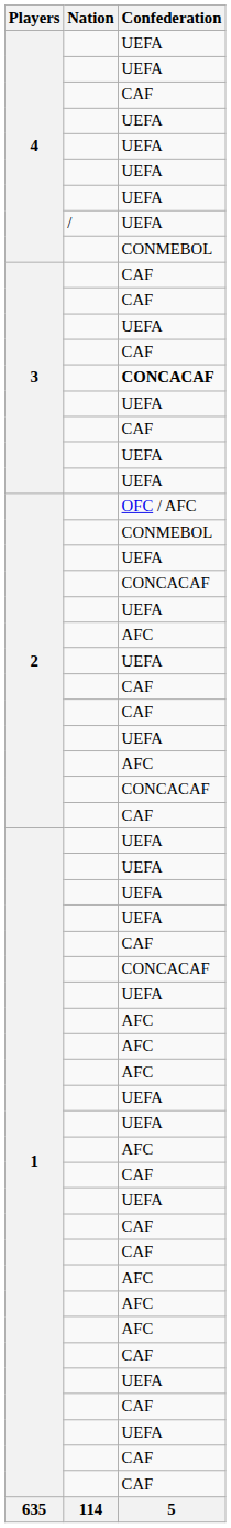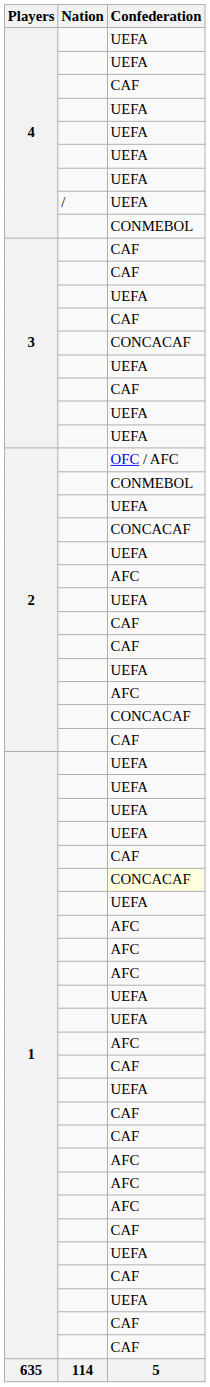 <table class="wikitable sortable sticky-header">
 <tr>
 <th>Players</th>
 <th>Nation</th>
 <th>Confederation</th>
 </tr>
 <tr>
 <th rowspan="9">4</th>
 <td></td>
 <td>UEFA</td>
 </tr>
 <tr>
 <td></td>
 <td>UEFA</td>
 </tr>
 <tr>
 <td></td>
 <td>CAF</td>
 </tr>
 <tr>
 <td></td>
 <td>UEFA</td>
 </tr>
 <tr>
 <td></td>
 <td>UEFA</td>
 </tr>
 <tr>
 <td></td>
 <td>UEFA</td>
 </tr>
 <tr>
 <td></td>
 <td>UEFA</td>
 </tr>
 <tr>
 <td> / </td>
 <td>UEFA</td>
 </tr>
 <tr>
 <td></td>
 <td>CONMEBOL</td>
 </tr>
 <tr>
 <th rowspan="9">3</th>
 <td></td>
 <td>CAF</td>
 </tr>
 <tr>
 <td></td>
 <td>CAF</td>
 </tr>
 <tr>
 <td></td>
 <td>UEFA</td>
 </tr>
 <tr>
 <td></td>
 <td>CAF</td>
 </tr>
 <tr>
 <td></td>
-<td><strong>CONCACAF</strong></td>
+<td>CONCACAF</td>
 </tr>
 <tr>
 <td></td>
 <td>UEFA</td>
 </tr>
 <tr>
 <td></td>
 <td>CAF</td>
 </tr>
 <tr>
 <td></td>
 <td>UEFA</td>
 </tr>
 <tr>
 <td></td>
 <td>UEFA</td>
 </tr>
 <tr>
 <th rowspan="13">2</th>
 <td></td>
 <td><a href='#'>OFC</a> / AFC</td>
 </tr>
 <tr>
 <td></td>
 <td>CONMEBOL</td>
 </tr>
 <tr>
 <td></td>
 <td>UEFA</td>
 </tr>
 <tr>
 <td></td>
 <td>CONCACAF</td>
 </tr>
 <tr>
 <td></td>
 <td>UEFA</td>
 </tr>
 <tr>
 <td></td>
 <td>AFC</td>
 </tr>
 <tr>
 <td></td>
 <td>UEFA</td>
 </tr>
 <tr>
 <td></td>
 <td>CAF</td>
 </tr>
 <tr>
 <td></td>
 <td>CAF</td>
 </tr>
 <tr>
 <td></td>
 <td>UEFA</td>
 </tr>
 <tr>
 <td></td>
 <td>AFC</td>
 </tr>
 <tr>
 <td></td>
 <td>CONCACAF</td>
 </tr>
 <tr>
 <td></td>
 <td>CAF</td>
 </tr>
 <tr>
 <th rowspan="26">1</th>
 <td></td>
 <td>UEFA</td>
 </tr>
 <tr>
 <td></td>
 <td>UEFA</td>
 </tr>
 <tr>
 <td></td>
 <td>UEFA</td>
 </tr>
 <tr>
 <td></td>
 <td>UEFA</td>
 </tr>
 <tr>
 <td></td>
 <td>CAF</td>
 </tr>
 <tr>
 <td></td>
-<td>CONCACAF</td>
+<td style="background: lightyellow;">CONCACAF</td>
 </tr>
 <tr>
 <td></td>
 <td>UEFA</td>
 </tr>
 <tr>
 <td></td>
 <td>AFC</td>
 </tr>
 <tr>
 <td></td>
 <td>AFC</td>
 </tr>
 <tr>
 <td></td>
 <td>AFC</td>
 </tr>
 <tr>
 <td></td>
 <td>UEFA</td>
 </tr>
 <tr>
 <td></td>
 <td>UEFA</td>
 </tr>
 <tr>
 <td></td>
 <td>AFC</td>
 </tr>
 <tr>
 <td></td>
 <td>CAF</td>
 </tr>
 <tr>
 <td></td>
 <td>UEFA</td>
 </tr>
 <tr>
 <td></td>
 <td>CAF</td>
 </tr>
 <tr>
 <td></td>
 <td>CAF</td>
 </tr>
 <tr>
 <td></td>
 <td>AFC</td>
 </tr>
 <tr>
 <td></td>
 <td>AFC</td>
 </tr>
 <tr>
 <td></td>
 <td>AFC</td>
 </tr>
 <tr>
 <td></td>
 <td>CAF</td>
 </tr>
 <tr>
 <td></td>
 <td>UEFA</td>
 </tr>
 <tr>
 <td></td>
 <td>CAF</td>
 </tr>
 <tr>
 <td></td>
 <td>UEFA</td>
 </tr>
 <tr>
 <td></td>
 <td>CAF</td>
 </tr>
 <tr>
 <td></td>
 <td>CAF</td>
 </tr>
 <tr>
 <th>635</th>
 <th>114</th>
 <th>5</th>
 </tr>
 </table>
